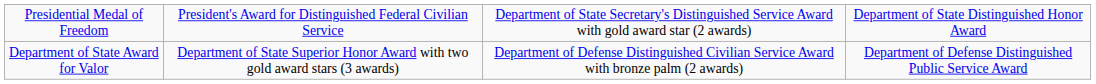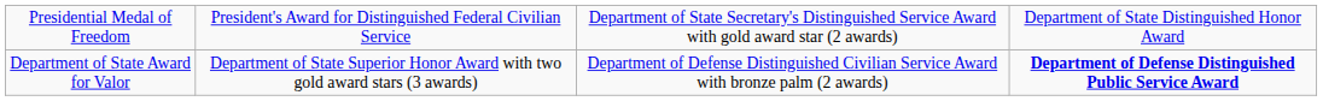 <table class="wikitable" style="margin-left: auto; margin-right: auto; text-align: center; margin-bottom: -1px">
 <tr>
 <td><a href='#'>Presidential Medal of Freedom</a></td>
 <td><a href='#'>President's Award for Distinguished Federal Civilian Service</a></td>
 <td><a href='#'>Department of State Secretary's Distinguished Service Award</a> with gold award star (2 awards)</td>
 <td><a href='#'>Department of State Distinguished Honor Award</a></td>
 </tr>
 <tr>
 <td><a href='#'>Department of State Award for Valor</a></td>
 <td><a href='#'>Department of State Superior Honor Award</a> with two gold award stars (3 awards)</td>
 <td><a href='#'>Department of Defense Distinguished Civilian Service Award</a> with bronze palm (2 awards)</td>
-<td><a href='#'>Department of Defense Distinguished Public Service Award</a></td>
+<td><strong><a href='#'>Department of Defense Distinguished Public Service Award</a></strong></td>
 </tr>
 </table>
